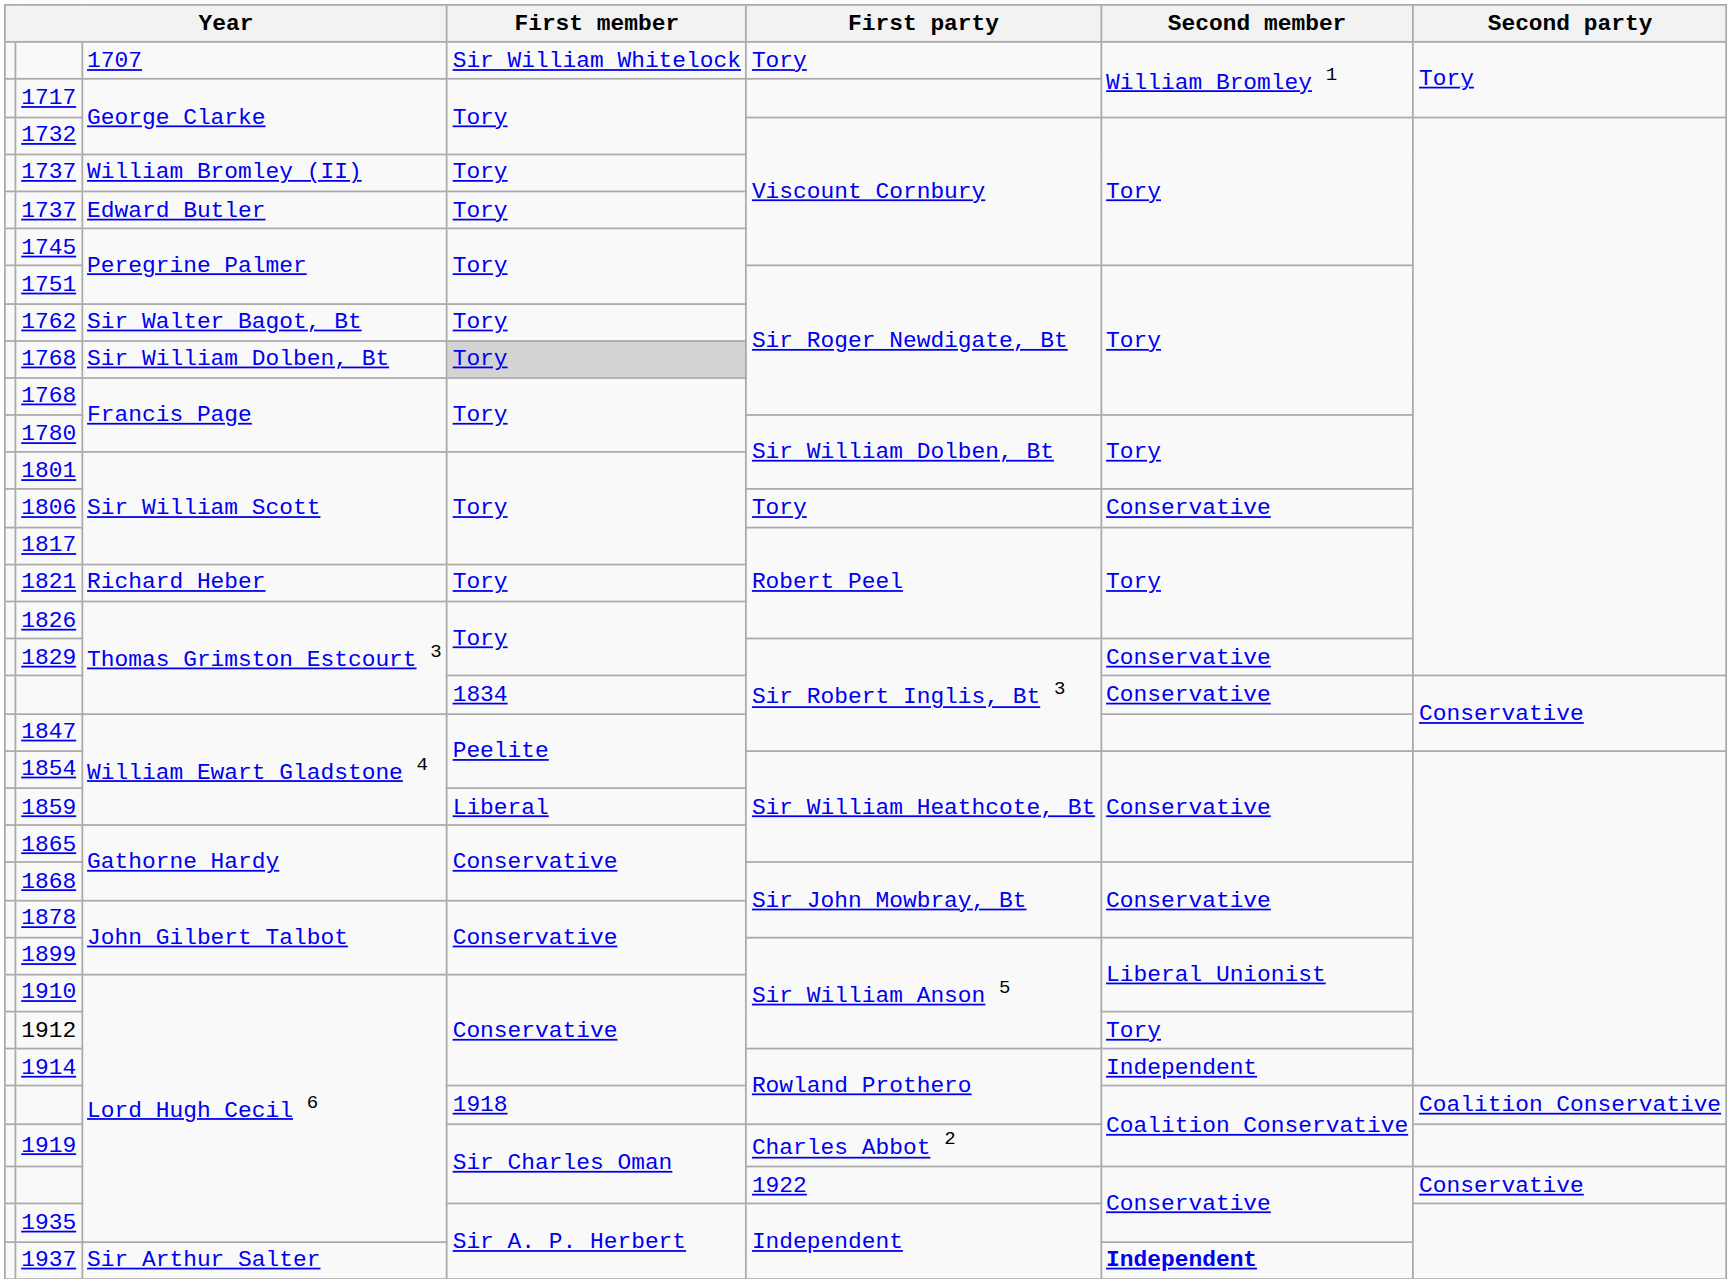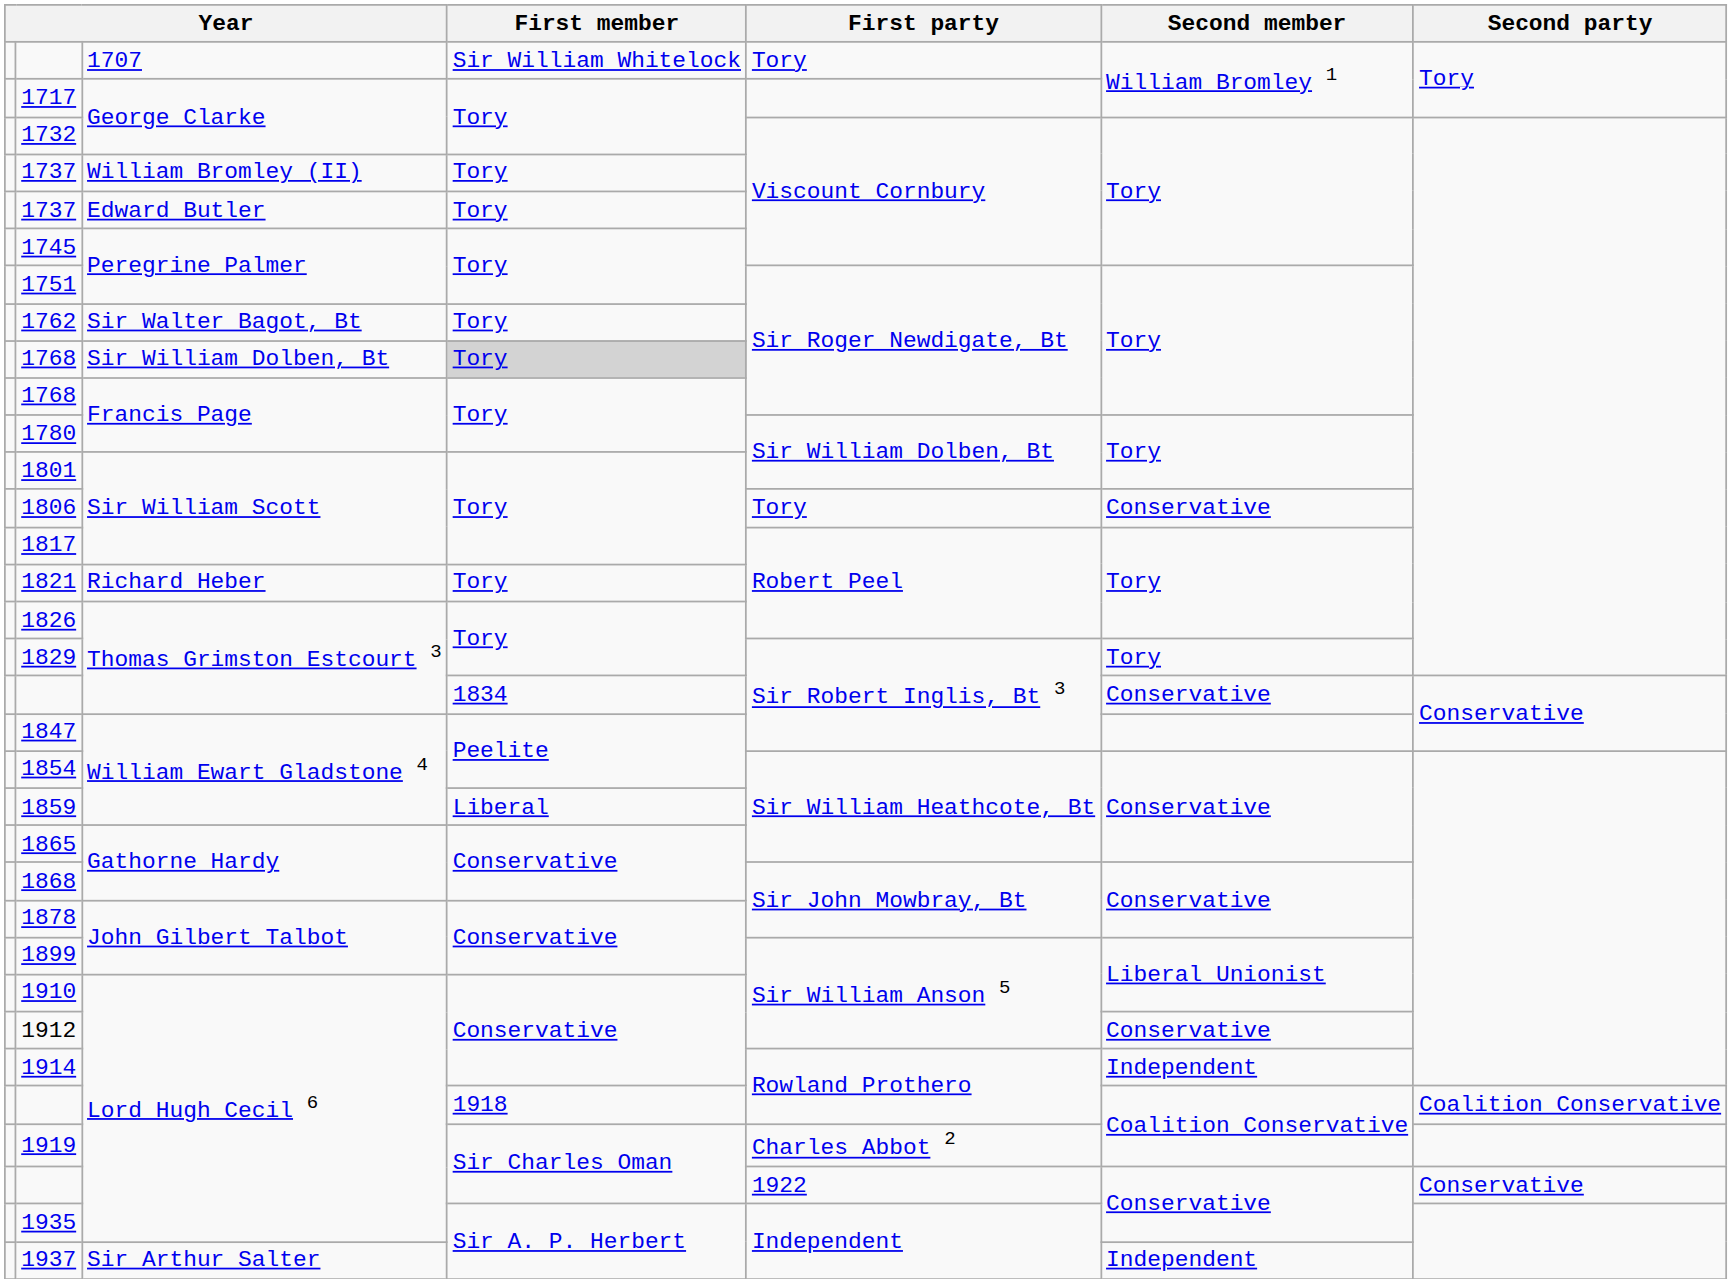 <table class="wikitable">
 <tr>
 <th colspan="3">Year</th>
 <th>First member</th>
 <th>First party</th>
 <th>Second member</th>
 <th>Second party</th>
 </tr>
 <tr>
 <td style="color:inherit;background-color: "></td>
 <td style="color:inherit;background-color: "></td>
 <td><a href='#'>1707</a></td>
 <td><a href='#'>Sir William Whitelock</a></td>
 <td><a href='#'>Tory</a></td>
 <td rowspan="2"><a href='#'>William Bromley</a> <sup>1</sup></td>
 <td rowspan="2"><a href='#'>Tory</a></td>
 </tr>
 <tr>
 <td style="color:inherit;background-color: "></td>
 <td><a href='#'>1717</a></td>
 <td rowspan=2><a href='#'>George Clarke</a></td>
 <td rowspan=2><a href='#'>Tory</a></td>
 </tr>
 <tr>
 <td style="color:inherit;background-color: "></td>
 <td><a href='#'>1732</a></td>
 <td rowspan=4><a href='#'>Viscount Cornbury</a></td>
 <td rowspan=4><a href='#'>Tory</a></td>
 </tr>
 <tr>
 <td style="color:inherit;background-color: "></td>
 <td><a href='#'>1737</a></td>
 <td><a href='#'>William Bromley (II)</a></td>
 <td><a href='#'>Tory</a></td>
 </tr>
 <tr>
 <td style="color:inherit;background-color: "></td>
 <td><a href='#'>1737</a></td>
 <td><a href='#'>Edward Butler</a></td>
 <td><a href='#'>Tory</a></td>
 </tr>
 <tr>
 <td style="color:inherit;background-color: "></td>
 <td><a href='#'>1745</a></td>
 <td rowspan=2><a href='#'>Peregrine Palmer</a></td>
 <td rowspan=2><a href='#'>Tory</a></td>
 </tr>
 <tr>
 <td style="color:inherit;background-color: "></td>
 <td><a href='#'>1751</a></td>
 <td rowspan=4><a href='#'>Sir Roger Newdigate, Bt</a></td>
 <td rowspan=4><a href='#'>Tory</a></td>
 </tr>
 <tr>
 <td style="color:inherit;background-color: "></td>
 <td><a href='#'>1762</a></td>
 <td><a href='#'>Sir Walter Bagot, Bt</a></td>
 <td><a href='#'>Tory</a></td>
 </tr>
 <tr>
 <td style="color:inherit;background-color: "></td>
 <td><a href='#'>1768</a></td>
 <td><a href='#'>Sir William Dolben, Bt</a></td>
 <td style="background: lightgrey;"><a href='#'>Tory</a></td>
 </tr>
 <tr>
 <td style="color:inherit;background-color: "></td>
 <td><a href='#'>1768</a></td>
 <td rowspan=2><a href='#'>Francis Page</a></td>
 <td rowspan=2><a href='#'>Tory</a></td>
 </tr>
 <tr>
 <td style="color:inherit;background-color: "></td>
 <td><a href='#'>1780</a></td>
 <td rowspan=2><a href='#'>Sir William Dolben, Bt</a></td>
 <td rowspan=2><a href='#'>Tory</a></td>
 </tr>
 <tr>
 <td style="color:inherit;background-color: "></td>
 <td><a href='#'>1801</a></td>
 <td rowspan=3><a href='#'>Sir William Scott</a></td>
 <td rowspan=3><a href='#'>Tory</a></td>
 </tr>
 <tr>
 <td style="color:inherit;background-color: "></td>
 <td><a href='#'>1806</a></td>
 <td><a href='#'>Tory</a></td>
 <td><a href='#'>Conservative</a></td>
 </tr>
 <tr>
 <td style="color:inherit;background-color: "></td>
 <td><a href='#'>1817</a></td>
 <td rowspan=3><a href='#'>Robert Peel</a></td>
 <td rowspan=3><a href='#'>Tory</a></td>
 </tr>
 <tr>
 <td style="color:inherit;background-color: "></td>
 <td><a href='#'>1821</a></td>
 <td><a href='#'>Richard Heber</a></td>
 <td><a href='#'>Tory</a></td>
 </tr>
 <tr>
 <td style="color:inherit;background-color: "></td>
 <td><a href='#'>1826</a></td>
 <td rowspan=3><a href='#'>Thomas Grimston Estcourt</a> <sup>3</sup></td>
 <td rowspan=2><a href='#'>Tory</a></td>
 </tr>
 <tr>
 <td style="color:inherit;background-color: "></td>
 <td><a href='#'>1829</a></td>
 <td rowspan=3><a href='#'>Sir Robert Inglis, Bt</a> <sup>3</sup></td>
-<td><a href='#'>Conservative</a></td>
+<td><a href='#'>Tory</a></td>
 </tr>
 <tr>
 <td style="color:inherit;background-color: "></td>
 <td style="color:inherit;background-color: "></td>
 <td><a href='#'>1834</a></td>
 <td><a href='#'>Conservative</a></td>
 <td rowspan="2"><a href='#'>Conservative</a></td>
 </tr>
 <tr>
 <td style="color:inherit;background-color: "></td>
 <td><a href='#'>1847</a></td>
 <td rowspan=3><a href='#'>William Ewart Gladstone</a> <sup>4</sup></td>
 <td rowspan=2><a href='#'>Peelite</a></td>
 </tr>
 <tr>
 <td style="color:inherit;background-color: "></td>
 <td><a href='#'>1854</a></td>
 <td rowspan=3><a href='#'>Sir William Heathcote, Bt</a></td>
 <td rowspan=3><a href='#'>Conservative</a></td>
 </tr>
 <tr>
 <td style="color:inherit;background-color: "></td>
 <td><a href='#'>1859</a></td>
 <td><a href='#'>Liberal</a></td>
 </tr>
 <tr>
 <td style="color:inherit;background-color: "></td>
 <td><a href='#'>1865</a></td>
 <td rowspan=2><a href='#'>Gathorne Hardy</a></td>
 <td rowspan=2><a href='#'>Conservative</a></td>
 </tr>
 <tr>
 <td style="color:inherit;background-color: "></td>
 <td><a href='#'>1868</a></td>
 <td rowspan=2><a href='#'>Sir John Mowbray, Bt</a></td>
 <td rowspan=2><a href='#'>Conservative</a></td>
 </tr>
 <tr>
 <td style="color:inherit;background-color: "></td>
 <td><a href='#'>1878</a></td>
 <td rowspan=2><a href='#'>John Gilbert Talbot</a></td>
 <td rowspan=2><a href='#'>Conservative</a></td>
 </tr>
 <tr>
 <td style="color:inherit;background-color: "></td>
 <td><a href='#'>1899</a></td>
 <td rowspan=3><a href='#'>Sir William Anson</a> <sup>5</sup></td>
 <td rowspan=2><a href='#'>Liberal Unionist</a></td>
 </tr>
 <tr>
 <td style="color:inherit;background-color: "></td>
 <td><a href='#'>1910</a></td>
 <td rowspan=7><a href='#'>Lord Hugh Cecil</a> <sup>6</sup></td>
 <td rowspan=3><a href='#'>Conservative</a></td>
 </tr>
 <tr>
 <td style="color:inherit;background-color: "></td>
 <td>1912</td>
-<td><a href='#'>Tory</a></td>
+<td><a href='#'>Conservative</a></td>
 </tr>
 <tr>
 <td style="color:inherit;background-color: "></td>
 <td><a href='#'>1914</a></td>
 <td rowspan=2><a href='#'>Rowland Prothero</a></td>
 <td><a href='#'>Independent</a></td>
 </tr>
 <tr>
 <td style="color:inherit;background-color: "></td>
 <td style="color:inherit;background-color: "></td>
 <td><a href='#'>1918</a></td>
 <td rowspan=2><a href='#'>Coalition Conservative</a></td>
 <td><a href='#'>Coalition Conservative</a></td>
 </tr>
 <tr>
 <td style="color:inherit;background-color: "></td>
 <td><a href='#'>1919</a></td>
 <td rowspan=2><a href='#'>Sir Charles Oman</a></td>
 <td><a href='#'>Charles Abbot</a> <sup>2</sup></td>
 </tr>
 <tr>
 <td style="color:inherit;background-color: "></td>
 <td style="color:inherit;background-color: "></td>
 <td><a href='#'>1922</a></td>
 <td rowspan=2><a href='#'>Conservative</a></td>
 <td><a href='#'>Conservative</a></td>
 </tr>
 <tr>
 <td style="color:inherit;background-color: "></td>
 <td><a href='#'>1935</a></td>
 <td rowspan=2><a href='#'>Sir A. P. Herbert</a></td>
 <td rowspan=2><a href='#'>Independent</a></td>
 </tr>
 <tr>
 <td style="color:inherit;background-color: "></td>
 <td><a href='#'>1937</a></td>
 <td><a href='#'>Sir Arthur Salter</a></td>
-<td><strong><a href='#'>Independent</a></strong></td>
+<td><a href='#'>Independent</a></td>
 </tr>
 </table>
